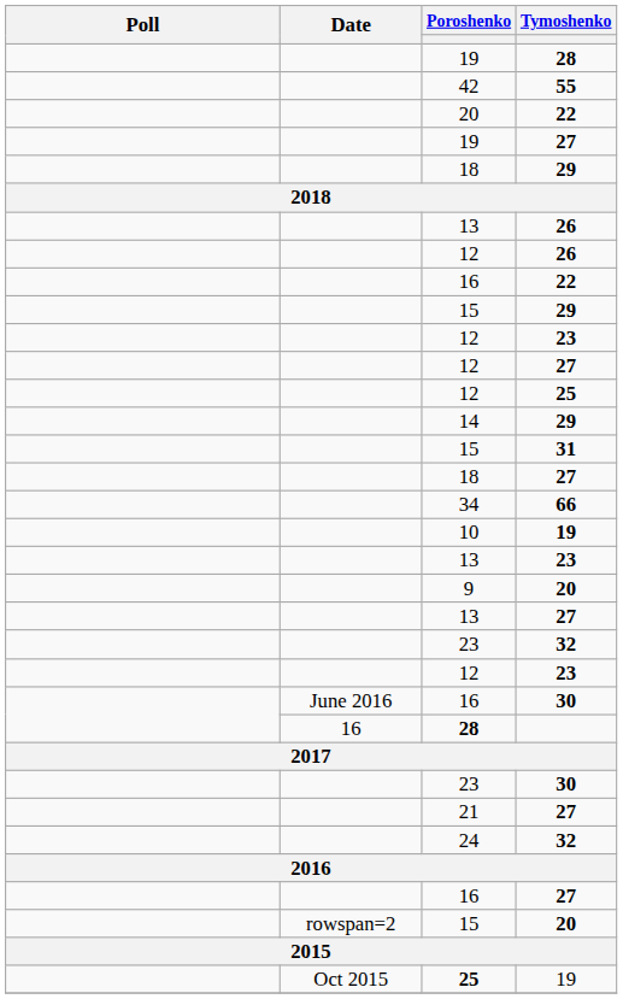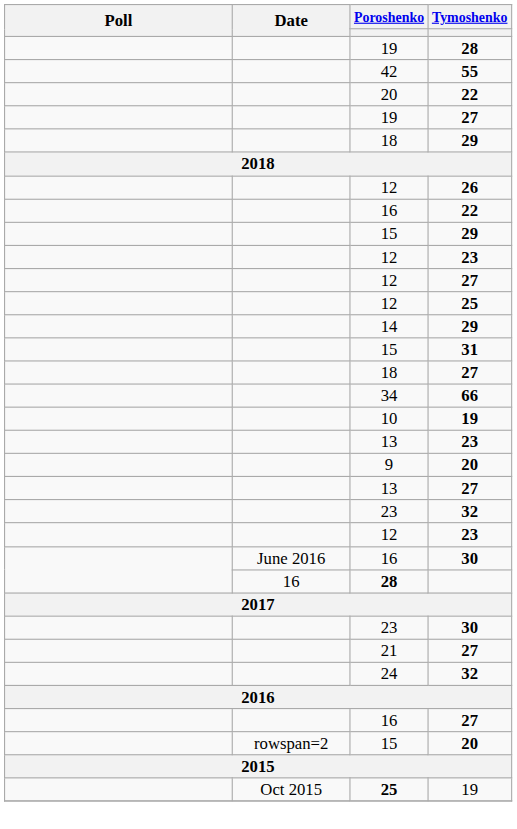 <table class="wikitable" style="text-align:center;font-size:95%;line-height:14px;">
 <tr>
 <th rowspan=2 style="width:200px;">Poll</th>
 <th rowspan=2 style="width:100px;">Date</th>
 <th> <small><a href='#'>Poroshenko</a></small><br></th>
 <th><small><a href='#'>Tymoshenko</a></small><br></th>
 </tr>
 <tr>
 <th style="background:"></th>
 <th style="background:"></th>
 </tr>
 <tr>
 <td></td>
 <td></td>
 <td>19</td>
 <td style="background-color:#"><strong>28</strong></td>
 </tr>
 <tr>
 <td></td>
 <td></td>
 <td>42</td>
 <td style="background-color:#"><strong>55</strong></td>
 </tr>
 <tr>
 <td></td>
 <td></td>
 <td>20</td>
 <td style="background-color:#"><strong>22</strong></td>
 </tr>
 <tr>
 <td></td>
 <td></td>
 <td>19</td>
 <td style="background-color:#"><strong>27</strong></td>
 </tr>
 <tr>
 <td></td>
 <td></td>
 <td>18</td>
 <td style="background-color:#"><strong>29</strong></td>
 </tr>
 <tr>
 <th colspan=4>2018</th>
-</tr>
-<tr>
-<td></td>
-<td></td>
-<td>13</td>
-<td style="background-color:#"><strong>26</strong></td>
 </tr>
 <tr>
 <td></td>
 <td></td>
 <td>12</td>
 <td style="background-color:#"><strong>26</strong></td>
 </tr>
 <tr>
 <td></td>
 <td></td>
 <td>16</td>
 <td style="background-color:#"><strong>22</strong></td>
 </tr>
 <tr>
 <td></td>
 <td></td>
 <td>15</td>
 <td style="background-color:#"><strong>29</strong></td>
 </tr>
 <tr>
 <td></td>
 <td></td>
 <td>12</td>
 <td style="background-color:#"><strong>23</strong></td>
 </tr>
 <tr>
 <td> </td>
 <td></td>
 <td>12</td>
 <td style="background-color:#"><strong>27</strong></td>
 </tr>
 <tr>
 <td></td>
 <td></td>
 <td>12</td>
 <td style="background-color:#"><strong>25</strong></td>
 </tr>
 <tr>
 <td></td>
 <td></td>
 <td>14</td>
 <td style="background-color:#"><strong>29</strong></td>
 </tr>
 <tr>
 <td></td>
 <td></td>
 <td>15</td>
 <td style="background-color:#"><strong>31</strong></td>
 </tr>
 <tr>
 <td> </td>
 <td></td>
 <td>18</td>
 <td style="background-color:#"><strong>27</strong></td>
 </tr>
 <tr>
 <td> </td>
 <td></td>
 <td>34</td>
 <td style="background-color:#"><strong>66</strong></td>
 </tr>
 <tr>
 <td></td>
 <td></td>
 <td>10</td>
 <td style="background-color:#"><strong>19</strong></td>
 </tr>
 <tr>
 <td></td>
 <td></td>
 <td>13</td>
 <td style="background-color:#"><strong>23</strong></td>
 </tr>
 <tr>
 <td></td>
 <td></td>
 <td>9</td>
 <td style="background-color:#"><strong>20</strong></td>
 </tr>
 <tr>
 <td></td>
 <td></td>
 <td>13</td>
 <td style="background-color:#"><strong>27</strong></td>
 </tr>
 <tr>
 <td></td>
 <td></td>
 <td>23</td>
 <td style="background-color:#"><strong>32</strong></td>
 </tr>
 <tr>
 <td></td>
 <td></td>
 <td>12</td>
 <td style="background-color:#"><strong>23</strong></td>
 </tr>
 <tr>
 <td rowspan=2></td>
 <td data-sort-value="2016-06-15">June 2016</td>
 <td>16</td>
 <td style="background-color:#"><strong>30</strong></td>
 </tr>
 <tr>
 <td>16</td>
 <td style="background-color:#"><strong>28</strong></td>
 </tr>
 <tr>
 <th colspan=4>2017</th>
 </tr>
 <tr>
 <td></td>
 <td></td>
 <td>23</td>
 <td style="background-color:#"><strong>30</strong></td>
 </tr>
 <tr>
 <td></td>
 <td></td>
 <td>21</td>
 <td style="background-color:#"><strong>27</strong></td>
 </tr>
 <tr>
 <td></td>
 <td></td>
 <td>24</td>
 <td style="background-color:#"><strong>32</strong></td>
 </tr>
 <tr>
 <th colspan=4>2016</th>
 </tr>
 <tr>
 <td></td>
 <td></td>
 <td>16</td>
 <td style="background-color:#"><strong>27</strong></td>
 </tr>
 <tr>
 <td></td>
 <td>rowspan=2 </td>
 <td>15</td>
 <td style="background-color:#"><strong>20</strong></td>
 </tr>
 <tr>
 <th colspan=4>2015</th>
 </tr>
 <tr>
 <td></td>
 <td data-sort-value="2015-10-15">Oct 2015</td>
 <td style="background-color:#"><strong>25</strong></td>
 <td>19</td>
 </tr>
 <tr>
 </tr>
 </table>
